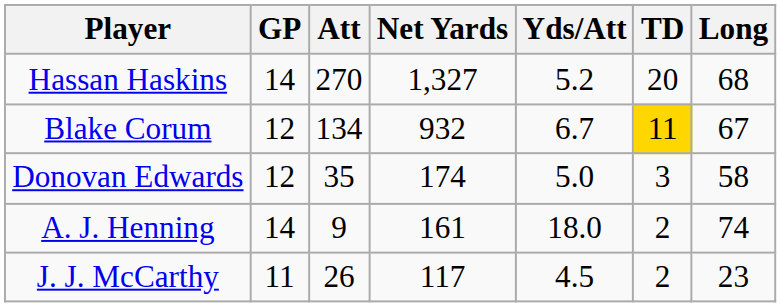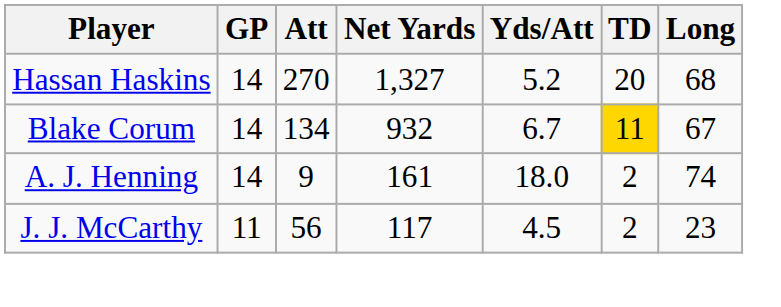 <table class="wikitable sortable sortable" style="text-align: center">
 <tr align=center>
 <th>Player</th>
 <th>GP</th>
 <th>Att</th>
 <th>Net Yards</th>
 <th>Yds/Att</th>
 <th>TD</th>
 <th>Long</th>
 </tr>
 <tr>
 <td><a href='#'>Hassan Haskins</a></td>
 <td>14</td>
 <td>270</td>
 <td>1,327</td>
 <td>5.2</td>
 <td>20</td>
 <td>68</td>
 </tr>
 <tr>
 <td><a href='#'>Blake Corum</a></td>
-<td>12</td>
+<td>14</td>
 <td>134</td>
 <td>932</td>
 <td>6.7</td>
 <td style="background: gold;">11</td>
 <td>67</td>
-</tr>
-<tr>
-<td><a href='#'>Donovan Edwards</a></td>
-<td>12</td>
-<td>35</td>
-<td>174</td>
-<td>5.0</td>
-<td>3</td>
-<td>58</td>
 </tr>
 <tr>
 <td><a href='#'>A. J. Henning</a></td>
 <td>14</td>
 <td>9</td>
 <td>161</td>
 <td>18.0</td>
 <td>2</td>
 <td>74</td>
 </tr>
 <tr>
 <td><a href='#'>J. J. McCarthy</a></td>
 <td>11</td>
-<td>26</td>
+<td>56</td>
 <td>117</td>
 <td>4.5</td>
 <td>2</td>
 <td>23</td>
 </tr>
 </table>
